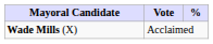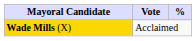 <table class="wikitable">
 <tr>
 <th style="background:#ddf; width:200px;">Mayoral Candidate</th>
 <th style="background:#ddf; width:50px;">Vote</th>
 <th style="background:#ddf; width:30px;">%</th>
 </tr>
 <tr>
-<td><strong>Wade Mills</strong> (X)</td>
+<td style="background: gold;"><strong>Wade Mills</strong> (X)</td>
 <td colspan="2">Acclaimed</td>
 </tr>
 </table>
